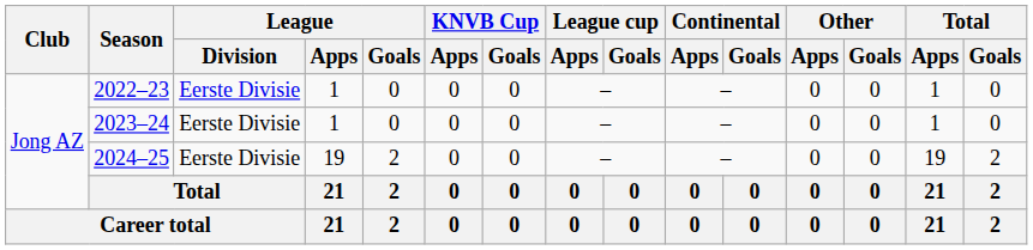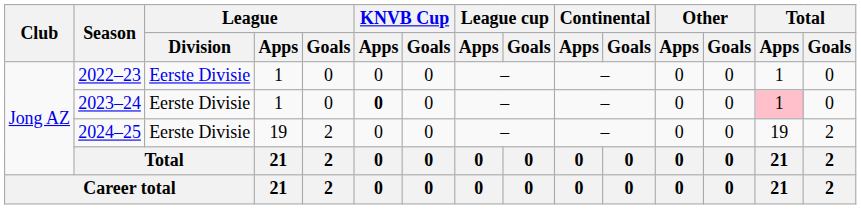 <table class="wikitable" style="text-align:center">
 <tr>
 <th rowspan="2">Club</th>
 <th rowspan="2">Season</th>
 <th colspan="3">League</th>
 <th colspan="2"><a href='#'>KNVB Cup</a></th>
 <th colspan="2">League cup</th>
 <th colspan="2">Continental</th>
 <th colspan="2">Other</th>
 <th colspan="2">Total</th>
 </tr>
 <tr>
 <th>Division</th>
 <th>Apps</th>
 <th>Goals</th>
 <th>Apps</th>
 <th>Goals</th>
 <th>Apps</th>
 <th>Goals</th>
 <th>Apps</th>
 <th>Goals</th>
 <th>Apps</th>
 <th>Goals</th>
 <th>Apps</th>
 <th>Goals</th>
 </tr>
 <tr>
 <td rowspan="4"><a href='#'>Jong AZ</a></td>
 <td><a href='#'>2022–23</a></td>
 <td><a href='#'>Eerste Divisie</a></td>
 <td>1</td>
 <td>0</td>
 <td>0</td>
 <td>0</td>
 <td colspan="2">–</td>
 <td colspan="2">–</td>
 <td>0</td>
 <td>0</td>
 <td>1</td>
 <td>0</td>
 </tr>
 <tr>
 <td><a href='#'>2023–24</a></td>
 <td>Eerste Divisie</td>
 <td>1</td>
 <td>0</td>
-<td>0</td>
+<td><strong>0</strong></td>
 <td>0</td>
 <td colspan="2">–</td>
 <td colspan="2">–</td>
 <td>0</td>
 <td>0</td>
-<td>1</td>
+<td style="background: pink;">1</td>
 <td>0</td>
 </tr>
 <tr>
 <td><a href='#'>2024–25</a></td>
 <td>Eerste Divisie</td>
 <td>19</td>
 <td>2</td>
 <td>0</td>
 <td>0</td>
 <td colspan="2">–</td>
 <td colspan="2">–</td>
 <td>0</td>
 <td>0</td>
 <td>19</td>
 <td>2</td>
 </tr>
 <tr>
 <th colspan="2">Total</th>
 <th>21</th>
 <th>2</th>
 <th>0</th>
 <th>0</th>
 <th>0</th>
 <th>0</th>
 <th>0</th>
 <th>0</th>
 <th>0</th>
 <th>0</th>
 <th>21</th>
 <th>2</th>
 </tr>
 <tr>
 <th colspan="3">Career total</th>
 <th>21</th>
 <th>2</th>
 <th>0</th>
 <th>0</th>
 <th>0</th>
 <th>0</th>
 <th>0</th>
 <th>0</th>
 <th>0</th>
 <th>0</th>
 <th>21</th>
 <th>2</th>
 </tr>
 </table>
